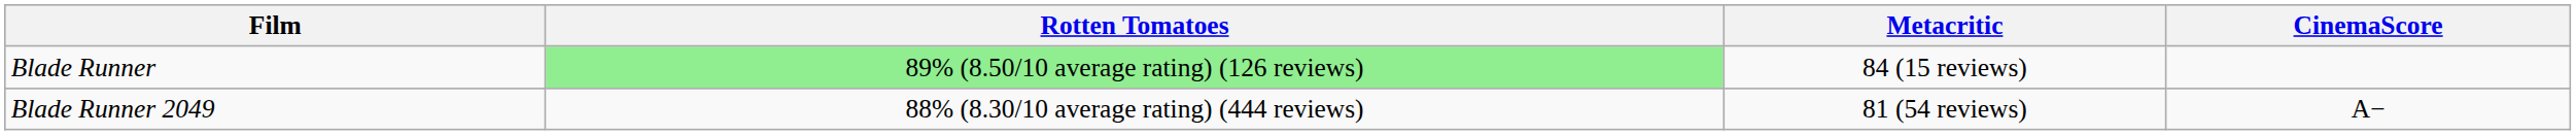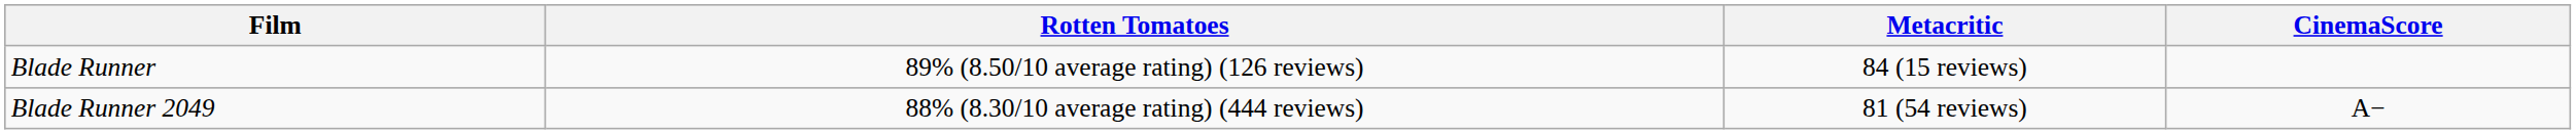 <table class="wikitable" style="width:99%;">
 <tr>
 <th>Film</th>
 <th><a href='#'>Rotten Tomatoes</a></th>
 <th><a href='#'>Metacritic</a></th>
 <th><a href='#'>CinemaScore</a></th>
 </tr>
 <tr>
 <td><em>Blade Runner</em></td>
-<td style="background: lightgreen;  text-align:center;">89% (8.50/10 average rating) (126 reviews)</td>
+<td style=" text-align:center;">89% (8.50/10 average rating) (126 reviews)</td>
 <td style=" text-align:center;">84 (15 reviews)</td>
 <td></td>
 </tr>
 <tr>
 <td><em>Blade Runner 2049</em></td>
 <td style=" text-align:center;">88% (8.30/10 average rating) (444 reviews)</td>
 <td style=" text-align:center;">81 (54 reviews)</td>
 <td style=" text-align:center;">A−</td>
 </tr>
 </table>
